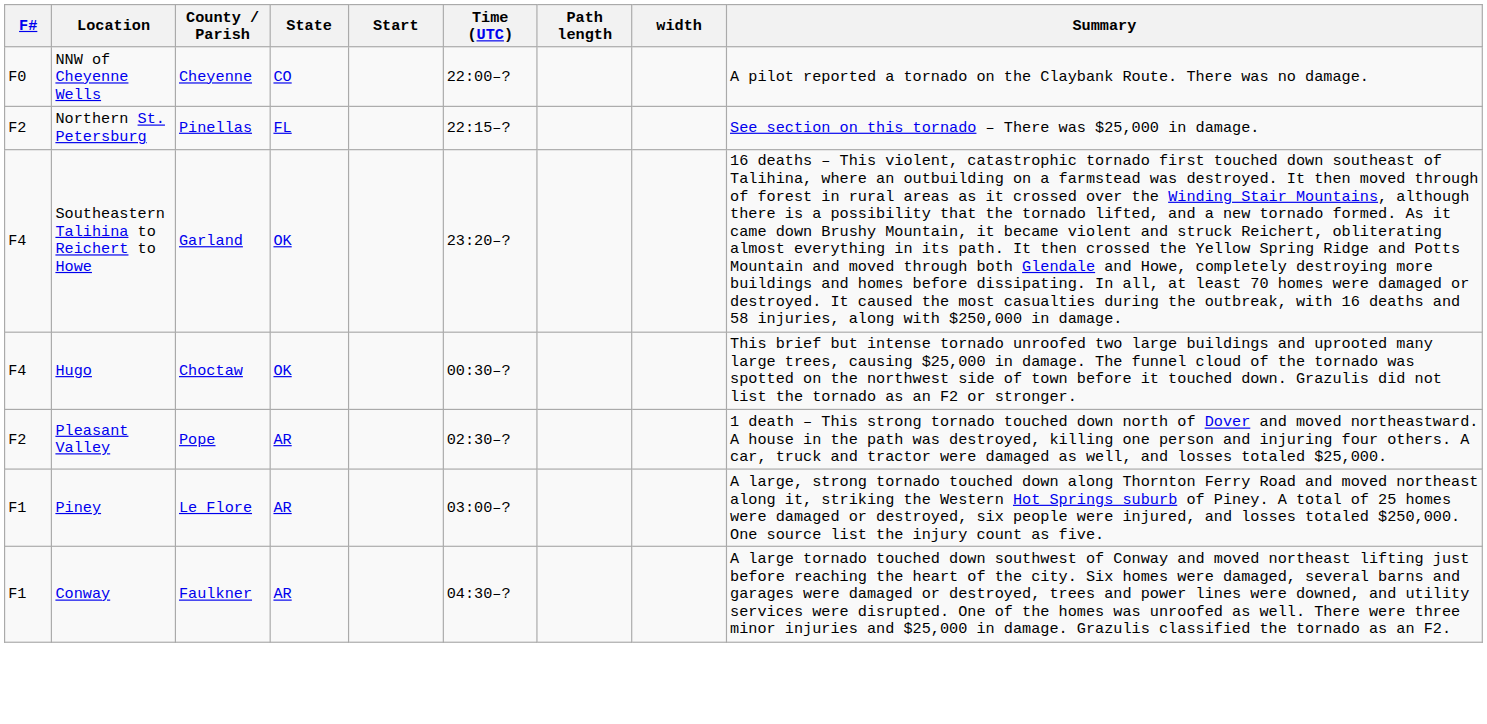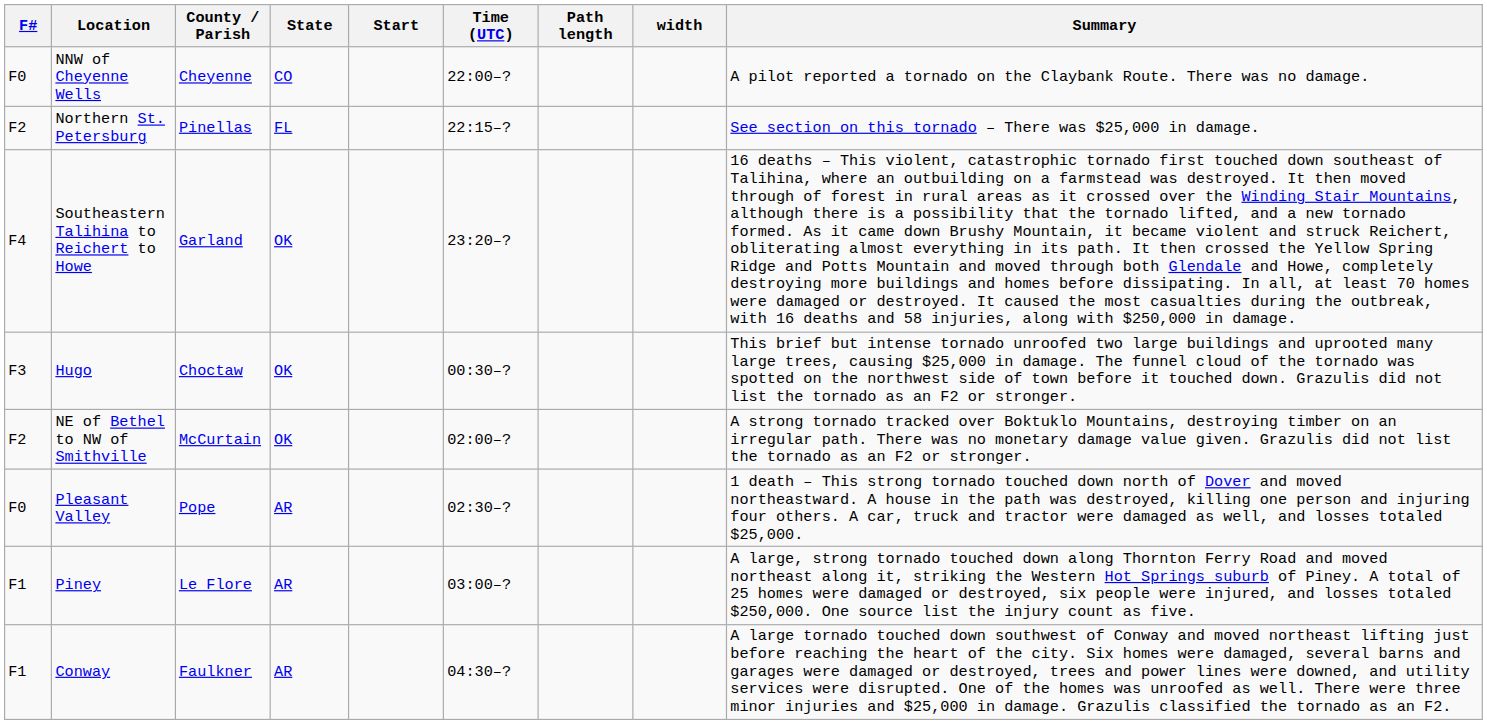 <table class="wikitable sortable" style="width:100%;">
 <tr>
 <th scope="col"  style="width:3%; text-align:center;"><a href='#'>F#</a></th>
 <th scope="col"  style="width:7%; text-align:center;" class="unsortable">Location</th>
 <th scope="col"  style="width:6%; text-align:center;" class="unsortable">County / Parish</th>
 <th scope="col"  style="width:5%; text-align:center;">State</th>
 <th scope="col"  style="width:6%; text-align:center;">Start<br></th>
 <th scope="col"  style="width:6%; text-align:center;">Time (<a href='#'>UTC</a>)</th>
 <th scope="col"  style="width:6%; text-align:center;">Path length</th>
 <th scope="col"  style="width:6%; text-align:center;"> width</th>
 <th scope="col" class="unsortable" style="width:48%; text-align:center;">Summary</th>
 </tr>
 <tr>
 <td>F0</td>
 <td>NNW of <a href='#'>Cheyenne Wells</a></td>
 <td><a href='#'>Cheyenne</a></td>
 <td><a href='#'>CO</a></td>
 <td></td>
 <td>22:00–?</td>
 <td></td>
 <td></td>
 <td>A pilot reported a tornado on the Claybank Route. There was no damage.</td>
 </tr>
 <tr>
 <td>F2</td>
 <td>Northern <a href='#'>St. Petersburg</a></td>
 <td><a href='#'>Pinellas</a></td>
 <td><a href='#'>FL</a></td>
 <td></td>
 <td>22:15–?</td>
 <td></td>
 <td></td>
 <td><a href='#'>See section on this tornado</a> – There was $25,000 in damage.</td>
 </tr>
 <tr>
 <td>F4</td>
 <td>Southeastern <a href='#'>Talihina</a> to <a href='#'>Reichert</a> to <a href='#'>Howe</a></td>
 <td><a href='#'>Garland</a></td>
 <td><a href='#'>OK</a></td>
 <td></td>
 <td>23:20–?</td>
 <td></td>
 <td></td>
 <td>16 deaths – This violent, catastrophic tornado first touched down southeast of Talihina, where an outbuilding on a farmstead was destroyed. It then moved through  of forest in rural areas as it crossed over the <a href='#'>Winding Stair Mountains</a>, although there is a possibility that the tornado lifted, and a new tornado formed. As it came down Brushy Mountain, it became violent and struck Reichert, obliterating almost everything in its path. It then crossed the Yellow Spring Ridge and Potts Mountain and moved through both <a href='#'>Glendale</a> and Howe, completely destroying more buildings and homes before dissipating. In all, at least 70 homes were damaged or destroyed. It caused the most casualties during the outbreak, with 16 deaths and 58 injuries, along with $250,000 in damage.</td>
 </tr>
 <tr>
-<td>F4</td>
+<td>F3</td>
 <td><a href='#'>Hugo</a></td>
 <td><a href='#'>Choctaw</a></td>
 <td><a href='#'>OK</a></td>
 <td></td>
 <td>00:30–?</td>
 <td></td>
 <td></td>
 <td>This brief but intense tornado unroofed two large buildings and uprooted many large trees, causing $25,000 in damage. The funnel cloud of the tornado was spotted on the northwest side of town before it touched down. Grazulis did not list the tornado as an F2 or stronger.</td>
 </tr>
 <tr>
 <td>F2</td>
+<td>NE of <a href='#'>Bethel</a> to NW of <a href='#'>Smithville</a></td>
+<td><a href='#'>McCurtain</a></td>
+<td><a href='#'>OK</a></td>
+<td></td>
+<td>02:00–?</td>
+<td></td>
+<td></td>
+<td>A strong tornado tracked over Boktuklo Mountains, destroying timber on an irregular path. There was no monetary damage value given. Grazulis did not list the tornado as an F2 or stronger.</td>
+</tr>
+<tr>
+<td>F0</td>
 <td><a href='#'>Pleasant Valley</a></td>
 <td><a href='#'>Pope</a></td>
 <td><a href='#'>AR</a></td>
 <td></td>
 <td>02:30–?</td>
 <td></td>
 <td></td>
 <td>1 death – This strong tornado touched down  north of <a href='#'>Dover</a> and moved northeastward. A house in the path was destroyed, killing one person and injuring four others. A car, truck and tractor were damaged as well, and losses totaled $25,000.</td>
 </tr>
 <tr>
 <td>F1</td>
 <td><a href='#'>Piney</a></td>
 <td><a href='#'>Le Flore</a></td>
 <td><a href='#'>AR</a></td>
 <td></td>
 <td>03:00–?</td>
 <td></td>
 <td></td>
 <td>A large, strong tornado touched down along Thornton Ferry Road and moved northeast along it, striking the Western <a href='#'>Hot Springs suburb</a> of Piney. A total of 25 homes were damaged or destroyed, six people were injured, and losses totaled $250,000. One source list the injury count as five.</td>
 </tr>
 <tr>
 <td>F1</td>
 <td><a href='#'>Conway</a></td>
 <td><a href='#'>Faulkner</a></td>
 <td><a href='#'>AR</a></td>
 <td></td>
 <td>04:30–?</td>
 <td></td>
 <td></td>
 <td>A large tornado touched down southwest of Conway and moved northeast lifting just before reaching the heart of the city. Six homes were damaged, several barns and garages were damaged or destroyed, trees and power lines were downed, and utility services were disrupted. One of the homes was unroofed as well. There were three minor injuries and $25,000 in damage. Grazulis classified the tornado as an F2.</td>
 </tr>
 </table>
